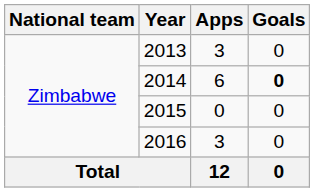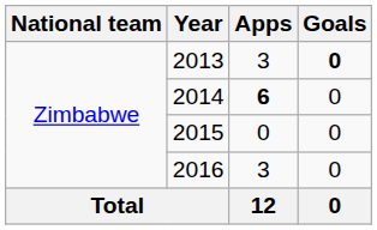 <table class="wikitable" style="text-align:center">
 <tr>
 <th>National team</th>
 <th>Year</th>
 <th>Apps</th>
 <th>Goals</th>
 </tr>
 <tr>
 <td rowspan="4"><a href='#'>Zimbabwe</a></td>
 <td>2013</td>
 <td>3</td>
-<td>0</td>
+<td><strong>0</strong></td>
 </tr>
 <tr>
 <td>2014</td>
-<td>6</td>
-<td><strong>0</strong></td>
+<td><strong>6</strong></td>
+<td>0</td>
 </tr>
 <tr>
 <td>2015</td>
 <td>0</td>
 <td>0</td>
 </tr>
 <tr>
 <td>2016</td>
 <td>3</td>
 <td>0</td>
 </tr>
 <tr>
 <th colspan=2>Total</th>
 <th>12</th>
 <th>0</th>
 </tr>
 </table>
